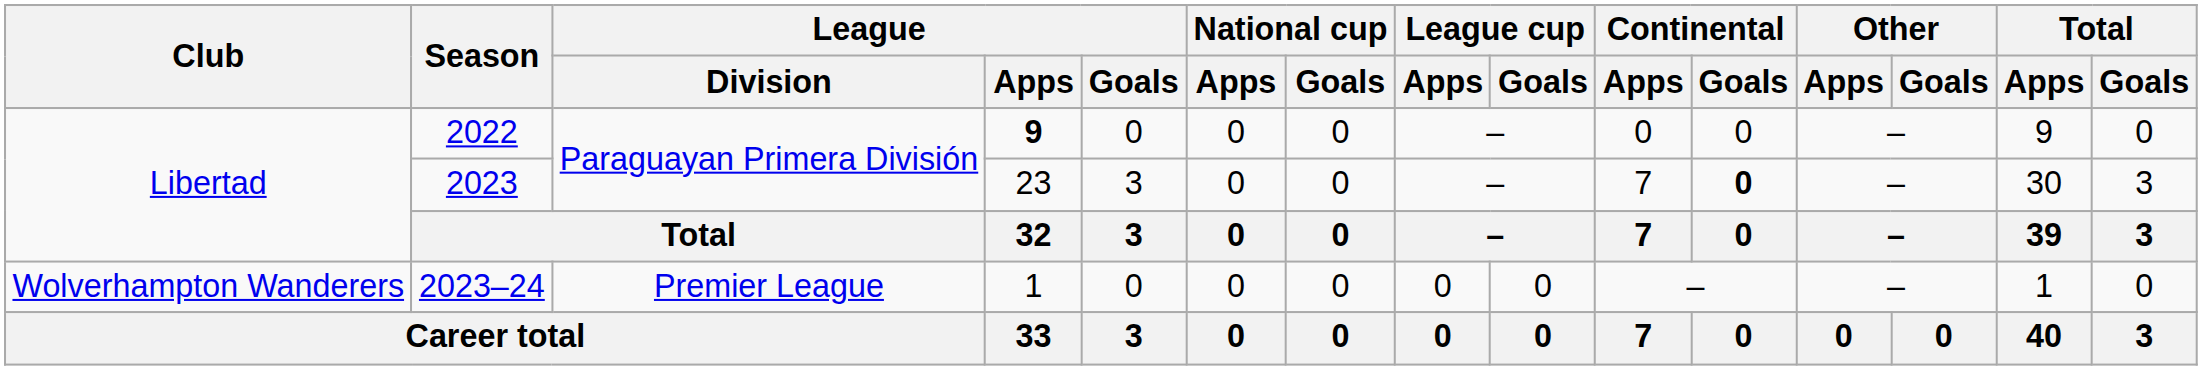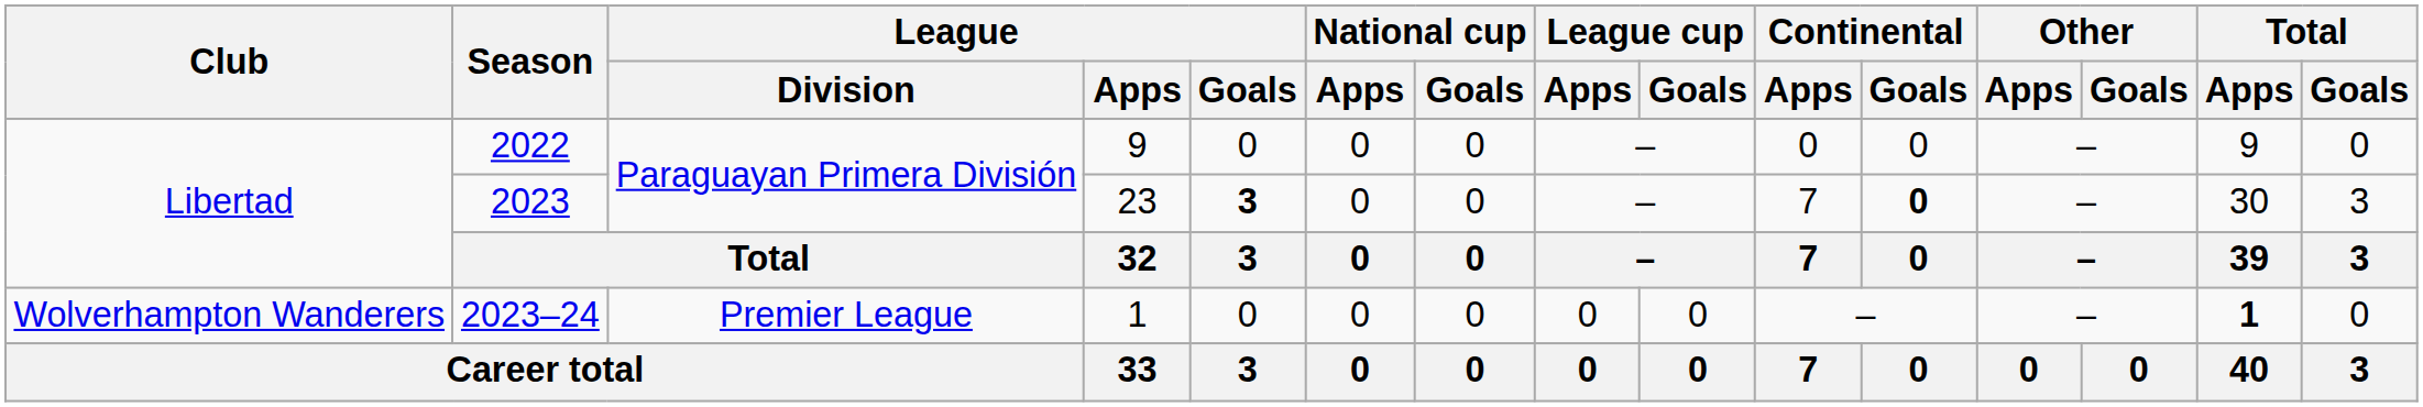 <table class=wikitable style=text-align:center>
 <tr>
 <th rowspan="2">Club</th>
 <th rowspan="2">Season</th>
 <th colspan="3">League</th>
 <th colspan="2">National cup</th>
 <th colspan="2">League cup</th>
 <th colspan="2">Continental</th>
 <th colspan="2">Other</th>
 <th colspan="2">Total</th>
 </tr>
 <tr>
 <th>Division</th>
 <th>Apps</th>
 <th>Goals</th>
 <th>Apps</th>
 <th>Goals</th>
 <th>Apps</th>
 <th>Goals</th>
 <th>Apps</th>
 <th>Goals</th>
 <th>Apps</th>
 <th>Goals</th>
 <th>Apps</th>
 <th>Goals</th>
 </tr>
 <tr>
 <td rowspan="3"><a href='#'>Libertad</a></td>
 <td><a href='#'>2022</a></td>
 <td rowspan="2"><a href='#'>Paraguayan Primera División</a></td>
-<td><strong>9</strong></td>
+<td>9</td>
 <td>0</td>
 <td>0</td>
 <td>0</td>
 <td colspan="2">–</td>
 <td>0</td>
 <td>0</td>
 <td colspan="2">–</td>
 <td>9</td>
 <td>0</td>
 </tr>
 <tr>
 <td><a href='#'>2023</a></td>
 <td>23</td>
-<td>3</td>
+<td><strong>3</strong></td>
 <td>0</td>
 <td>0</td>
 <td colspan="2">–</td>
 <td>7</td>
 <td><strong>0</strong></td>
 <td colspan="2">–</td>
 <td>30</td>
 <td>3</td>
 </tr>
 <tr>
 <th colspan="2">Total</th>
 <th>32</th>
 <th>3</th>
 <th>0</th>
 <th>0</th>
 <th colspan="2">–</th>
 <th>7</th>
 <th>0</th>
 <th colspan="2">–</th>
 <th>39</th>
 <th>3</th>
 </tr>
 <tr>
 <td><a href='#'>Wolverhampton Wanderers</a></td>
 <td><a href='#'>2023–24</a></td>
 <td><a href='#'>Premier League</a></td>
 <td>1</td>
 <td>0</td>
 <td>0</td>
 <td>0</td>
 <td>0</td>
 <td>0</td>
 <td colspan="2">–</td>
 <td colspan="2">–</td>
-<td>1</td>
+<td><strong>1</strong></td>
 <td>0</td>
 </tr>
 <tr>
 <th colspan="3">Career total</th>
 <th>33</th>
 <th>3</th>
 <th>0</th>
 <th>0</th>
 <th>0</th>
 <th>0</th>
 <th>7</th>
 <th>0</th>
 <th>0</th>
 <th>0</th>
 <th>40</th>
 <th>3</th>
 </tr>
 </table>
